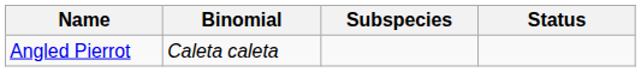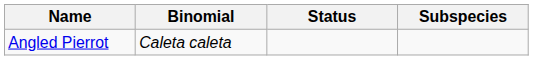 <table width=60% class="wikitable">
 <tr>
 <th width=20%>Name</th>
 <th width=20%>Binomial</th>
+<th width=20%>Status</th>
 <th width=20%>Subspecies</th>
-<th width=20%>Status</th>
 </tr>
 <tr>
 <td><a href='#'>Angled Pierrot</a><br> </td>
 <td><em>Caleta caleta</em></td>
 <td></td>
 <td></td>
 </tr>
 </table>
